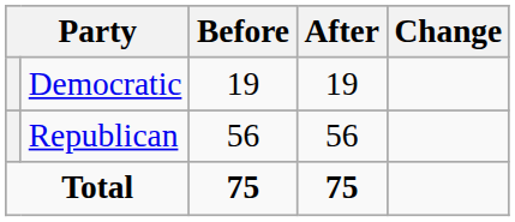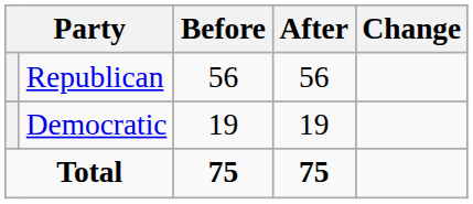 <table class="wikitable" style="text-align:center;">
 <tr>
 <th colspan="2">Party</th>
 <th>Before</th>
 <th>After</th>
 <th>Change</th>
 </tr>
 <tr>
 <th style="background-color:"></th>
-<td style="text-align:left;"><a href='#'>Democratic</a></td>
-<td>19</td>
-<td>19</td>
+<td style="text-align:left;"><a href='#'>Republican</a></td>
+<td>56</td>
+<td>56</td>
 <td></td>
 </tr>
 <tr>
 <th style="background-color:"></th>
-<td style="text-align:left;"><a href='#'>Republican</a></td>
-<td>56</td>
-<td>56</td>
+<td style="text-align:left;"><a href='#'>Democratic</a></td>
+<td>19</td>
+<td>19</td>
 <td></td>
 </tr>
 <tr>
 <td colspan="2"><strong>Total</strong></td>
 <td><strong>75</strong></td>
 <td><strong>75</strong></td>
 <td></td>
 </tr>
 </table>
